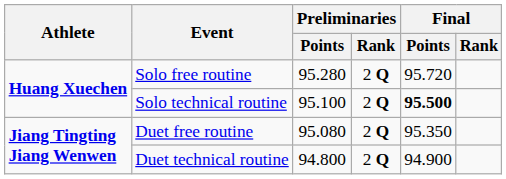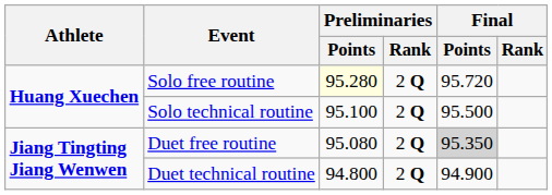 <table class=wikitable style="font-size:90%">
 <tr>
 <th rowspan="2">Athlete</th>
 <th rowspan="2">Event</th>
 <th colspan="2">Preliminaries</th>
 <th colspan="2">Final</th>
 </tr>
 <tr style="font-size:95%">
 <th>Points</th>
 <th>Rank</th>
 <th>Points</th>
 <th>Rank</th>
 </tr>
 <tr align=center>
 <td align=left rowspan=2><strong><a href='#'>Huang Xuechen</a></strong></td>
 <td align=left><a href='#'>Solo free routine</a></td>
-<td>95.280</td>
+<td style="background: lightyellow;">95.280</td>
 <td>2 <strong>Q</strong></td>
 <td>95.720</td>
 <td></td>
 </tr>
 <tr align=center>
 <td align=left><a href='#'>Solo technical routine</a></td>
 <td>95.100</td>
 <td>2 <strong>Q</strong></td>
-<td><strong>95.500</strong></td>
+<td>95.500</td>
 <td></td>
 </tr>
 <tr align=center>
 <td align=left rowspan=2><strong><a href='#'>Jiang Tingting</a><br><a href='#'>Jiang Wenwen</a></strong></td>
 <td align=left><a href='#'>Duet free routine</a></td>
 <td>95.080</td>
 <td>2 <strong>Q</strong></td>
-<td>95.350</td>
+<td style="background: lightgrey;">95.350</td>
 <td></td>
 </tr>
 <tr align=center>
 <td align=left><a href='#'>Duet technical routine</a></td>
 <td>94.800</td>
 <td>2 <strong>Q</strong></td>
 <td>94.900</td>
 <td></td>
 </tr>
 </table>
